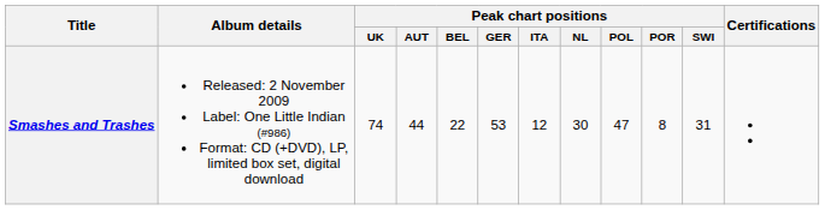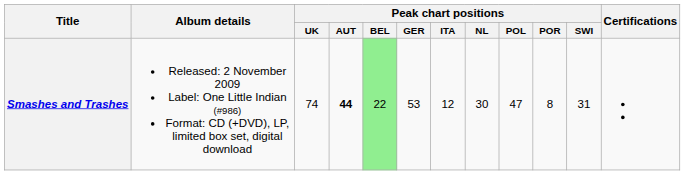 <table class="wikitable plainrowheaders" style="text-align:center;">
 <tr>
 <th rowspan="2">Title</th>
 <th rowspan="2" width="220">Album details</th>
 <th colspan="9">Peak chart positions</th>
 <th rowspan="2">Certifications</th>
 </tr>
 <tr>
 <th style="width:3em; font-size:85%">UK<br></th>
 <th style="width:3em; font-size:85%">AUT<br></th>
 <th style="width:3em; font-size:85%">BEL<br></th>
 <th style="width:3em; font-size:85%">GER<br></th>
 <th style="width:3em; font-size:85%">ITA<br></th>
 <th style="width:3em; font-size:85%">NL<br></th>
 <th style="width:3em; font-size:85%">POL<br></th>
 <th style="width:3em; font-size:85%">POR<br></th>
 <th style="width:3em; font-size:85%">SWI<br></th>
 </tr>
 <tr>
 <th scope="row"><em><a href='#'>Smashes and Trashes</a></em></th>
 <td><br><ul><li>Released: 2 November 2009</li><li>Label: One Little Indian <small>(#986)</small></li><li>Format: CD (+DVD), LP, limited box set, digital download</li></ul></td>
 <td>74</td>
-<td>44</td>
-<td>22</td>
+<td><strong>44</strong></td>
+<td style="background: lightgreen;">22</td>
 <td>53</td>
 <td>12</td>
 <td>30</td>
 <td>47</td>
 <td>8</td>
 <td>31</td>
 <td><br><ul><li></li><li></li></ul></td>
 </tr>
 </table>
